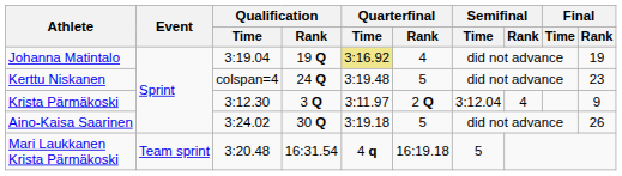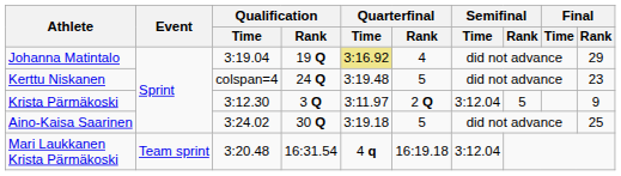 <table class="wikitable" style="font-size:90%">
 <tr>
 <th rowspan="2">Athlete</th>
 <th rowspan="2">Event</th>
 <th colspan="2">Qualification</th>
 <th colspan="2">Quarterfinal</th>
 <th colspan="2">Semifinal</th>
 <th colspan="2">Final</th>
 </tr>
 <tr style="font-size:95%">
 <th>Time</th>
 <th>Rank</th>
 <th>Time</th>
 <th>Rank</th>
 <th>Time</th>
 <th>Rank</th>
 <th>Time</th>
 <th>Rank</th>
 </tr>
 <tr align=center>
 <td align=left><a href='#'>Johanna Matintalo</a></td>
 <td align=left rowspan=4><a href='#'>Sprint</a></td>
 <td>3:19.04</td>
 <td>19 <strong>Q</strong></td>
 <td style="background: khaki;">3:16.92</td>
 <td>4</td>
 <td colspan=3>did not advance</td>
-<td>19</td>
+<td>29</td>
 </tr>
 <tr align=center>
 <td align=left><a href='#'>Kerttu Niskanen</a></td>
 <td>colspan=4 </td>
 <td>24 <strong>Q</strong></td>
 <td>3:19.48</td>
 <td>5</td>
 <td colspan=3>did not advance</td>
 <td>23</td>
 </tr>
 <tr align=center>
 <td align=left><a href='#'>Krista Pärmäkoski</a></td>
 <td>3:12.30</td>
 <td>3 <strong>Q</strong></td>
 <td>3:11.97</td>
 <td>2 <strong>Q</strong></td>
 <td>3:12.04</td>
-<td>4</td>
+<td>5</td>
 <td></td>
 <td>9</td>
 </tr>
 <tr align=center>
 <td align=left><a href='#'>Aino-Kaisa Saarinen</a></td>
 <td>3:24.02</td>
 <td>30 <strong>Q</strong></td>
 <td>3:19.18</td>
 <td>5</td>
 <td colspan=3>did not advance</td>
-<td>26</td>
+<td>25</td>
 </tr>
 <tr align=center>
 <td align=left><a href='#'>Mari Laukkanen</a><br><a href='#'>Krista Pärmäkoski</a></td>
 <td align=left><a href='#'>Team sprint</a></td>
 <td>3:20.48</td>
 <td>16:31.54</td>
 <td>4 <strong>q</strong></td>
 <td>16:19.18</td>
-<td>5</td>
+<td>3:12.04</td>
 </tr>
 </table>
